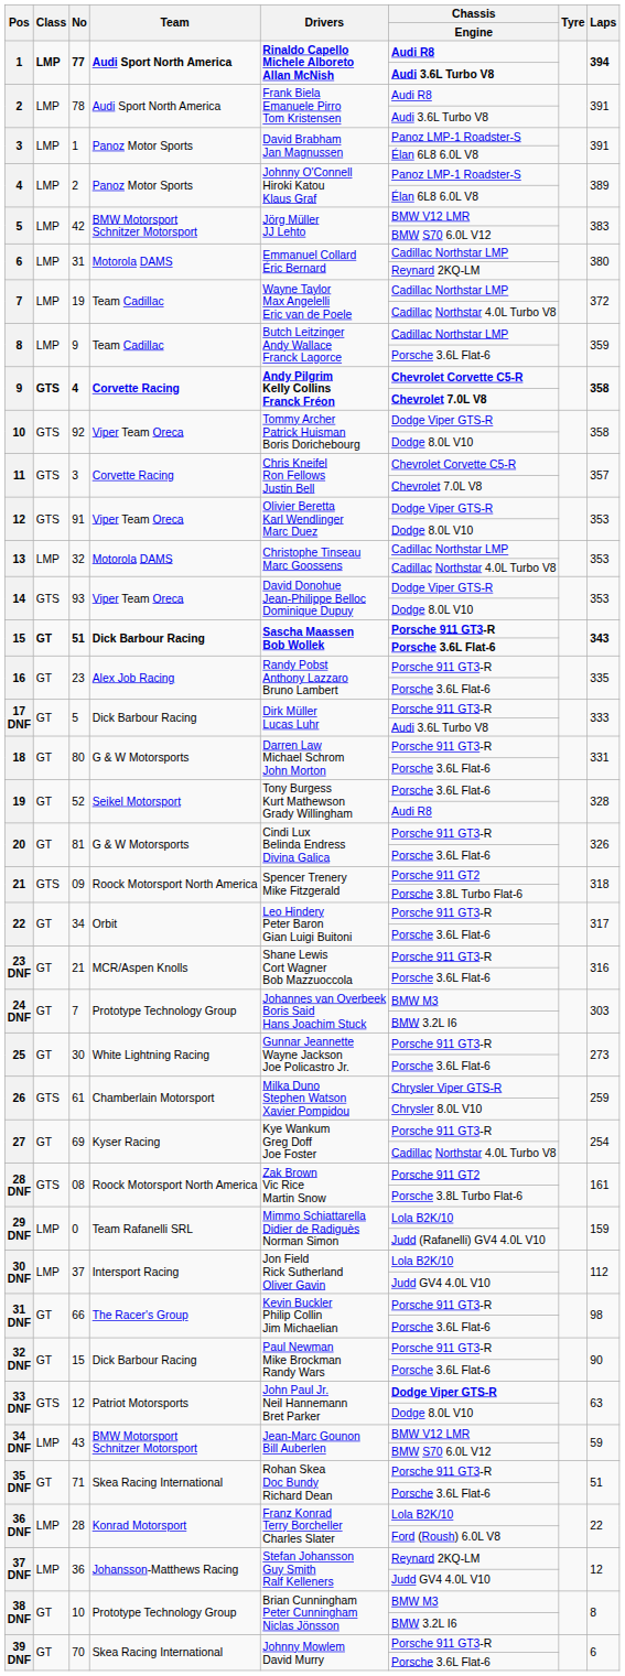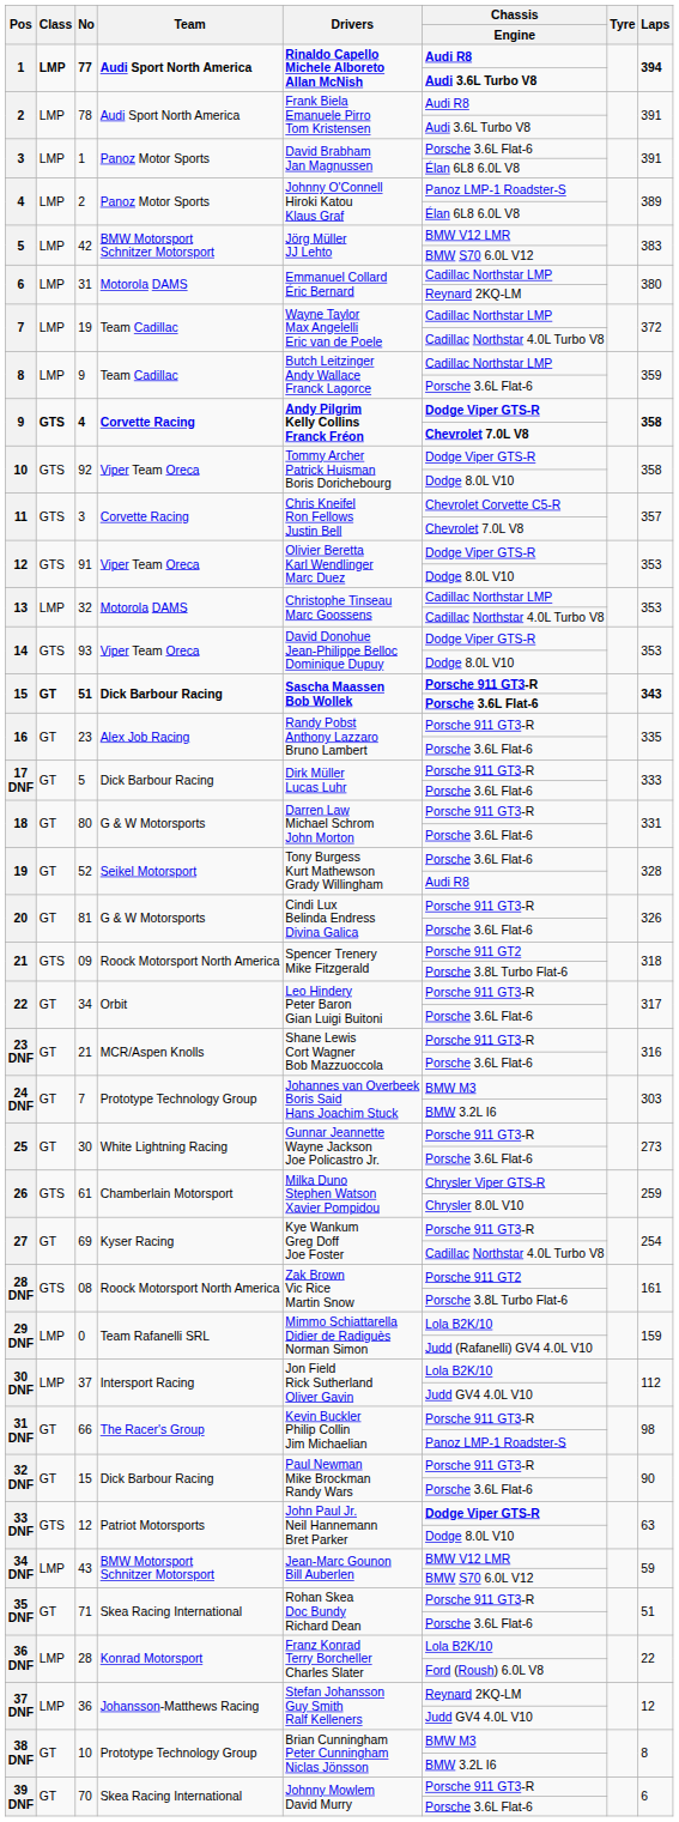 <table class="wikitable" style="font-size: 95%;">
 <tr>
 <th rowspan=2>Pos</th>
 <th rowspan=2>Class</th>
 <th rowspan=2>No</th>
 <th rowspan=2>Team</th>
 <th rowspan=2>Drivers</th>
 <th>Chassis</th>
 <th rowspan=2>Tyre</th>
 <th rowspan=2>Laps</th>
 </tr>
 <tr>
 <th>Engine</th>
 </tr>
 <tr style="font-weight:bold">
 <th rowspan=2>1</th>
 <td rowspan=2>LMP</td>
 <td rowspan=2>77</td>
 <td rowspan=2> <a href='#'>Audi</a> Sport North America</td>
 <td rowspan=2> <a href='#'>Rinaldo Capello</a><br> <a href='#'>Michele Alboreto</a><br> <a href='#'>Allan McNish</a></td>
 <td><a href='#'>Audi R8</a></td>
 <td rowspan=2></td>
 <td rowspan=2>394</td>
 </tr>
 <tr style="font-weight:bold">
 <td><a href='#'>Audi</a> 3.6L Turbo V8</td>
 </tr>
 <tr>
 <th rowspan=2>2</th>
 <td rowspan=2>LMP</td>
 <td rowspan=2>78</td>
 <td rowspan=2> <a href='#'>Audi</a> Sport North America</td>
 <td rowspan=2> <a href='#'>Frank Biela</a><br> <a href='#'>Emanuele Pirro</a><br> <a href='#'>Tom Kristensen</a></td>
 <td><a href='#'>Audi R8</a></td>
 <td rowspan=2></td>
 <td rowspan=2>391</td>
 </tr>
 <tr>
 <td><a href='#'>Audi</a> 3.6L Turbo V8</td>
 </tr>
 <tr>
 <th rowspan=2>3</th>
 <td rowspan=2>LMP</td>
 <td rowspan=2>1</td>
 <td rowspan=2> <a href='#'>Panoz</a> Motor Sports</td>
 <td rowspan=2> <a href='#'>David Brabham</a><br> <a href='#'>Jan Magnussen</a></td>
-<td><a href='#'>Panoz LMP-1 Roadster-S</a></td>
+<td><a href='#'>Porsche</a> 3.6L Flat-6</td>
 <td rowspan=2></td>
 <td rowspan=2>391</td>
 </tr>
 <tr>
 <td><a href='#'>Élan</a> 6L8 6.0L V8</td>
 </tr>
 <tr>
 <th rowspan=2>4</th>
 <td rowspan=2>LMP</td>
 <td rowspan=2>2</td>
 <td rowspan=2> <a href='#'>Panoz</a> Motor Sports</td>
 <td rowspan=2> <a href='#'>Johnny O'Connell</a><br> Hiroki Katou<br> <a href='#'>Klaus Graf</a></td>
 <td><a href='#'>Panoz LMP-1 Roadster-S</a></td>
 <td rowspan=2></td>
 <td rowspan=2>389</td>
 </tr>
 <tr>
 <td><a href='#'>Élan</a> 6L8 6.0L V8</td>
 </tr>
 <tr>
 <th rowspan=2>5</th>
 <td rowspan=2>LMP</td>
 <td rowspan=2>42</td>
 <td rowspan=2> <a href='#'>BMW Motorsport</a><br> <a href='#'>Schnitzer Motorsport</a></td>
 <td rowspan=2> <a href='#'>Jörg Müller</a><br> <a href='#'>JJ Lehto</a></td>
 <td><a href='#'>BMW V12 LMR</a></td>
 <td rowspan=2></td>
 <td rowspan=2>383</td>
 </tr>
 <tr>
 <td><a href='#'>BMW</a> <a href='#'>S70</a> 6.0L V12</td>
 </tr>
 <tr>
 <th rowspan=2>6</th>
 <td rowspan=2>LMP</td>
 <td rowspan=2>31</td>
 <td rowspan=2> <a href='#'>Motorola</a> <a href='#'>DAMS</a></td>
 <td rowspan=2> <a href='#'>Emmanuel Collard</a><br> <a href='#'>Éric Bernard</a></td>
 <td><a href='#'>Cadillac Northstar LMP</a></td>
 <td rowspan=2></td>
 <td rowspan=2>380</td>
 </tr>
 <tr>
 <td><a href='#'>Reynard</a> 2KQ-LM</td>
 </tr>
 <tr>
 <th rowspan=2>7</th>
 <td rowspan=2>LMP</td>
 <td rowspan=2>19</td>
 <td rowspan=2> Team <a href='#'>Cadillac</a></td>
 <td rowspan=2> <a href='#'>Wayne Taylor</a><br> <a href='#'>Max Angelelli</a><br> <a href='#'>Eric van de Poele</a></td>
 <td><a href='#'>Cadillac Northstar LMP</a></td>
 <td rowspan=2></td>
 <td rowspan=2>372</td>
 </tr>
 <tr>
 <td><a href='#'>Cadillac</a> <a href='#'>Northstar</a> 4.0L Turbo V8</td>
 </tr>
 <tr>
 <th rowspan=2>8</th>
 <td rowspan=2>LMP</td>
 <td rowspan=2>9</td>
 <td rowspan=2> Team <a href='#'>Cadillac</a></td>
 <td rowspan=2> <a href='#'>Butch Leitzinger</a><br> <a href='#'>Andy Wallace</a><br> <a href='#'>Franck Lagorce</a></td>
 <td><a href='#'>Cadillac Northstar LMP</a></td>
 <td rowspan=2></td>
 <td rowspan=2>359</td>
 </tr>
 <tr>
 <td><a href='#'>Porsche</a> 3.6L Flat-6</td>
 </tr>
 <tr style="font-weight:bold">
 <th rowspan=2>9</th>
 <td rowspan=2>GTS</td>
 <td rowspan=2>4</td>
 <td rowspan=2> <a href='#'>Corvette Racing</a></td>
 <td rowspan=2> <a href='#'>Andy Pilgrim</a><br> Kelly Collins<br> <a href='#'>Franck Fréon</a></td>
-<td><a href='#'>Chevrolet Corvette C5-R</a></td>
+<td><a href='#'>Dodge Viper GTS-R</a></td>
 <td rowspan=2></td>
 <td rowspan=2>358</td>
 </tr>
 <tr style="font-weight:bold">
 <td><a href='#'>Chevrolet</a> 7.0L V8</td>
 </tr>
 <tr>
 <th rowspan=2>10</th>
 <td rowspan=2>GTS</td>
 <td rowspan=2>92</td>
 <td rowspan=2> <a href='#'>Viper</a> Team <a href='#'>Oreca</a></td>
 <td rowspan=2> <a href='#'>Tommy Archer</a><br> <a href='#'>Patrick Huisman</a><br> Boris Dorichebourg</td>
 <td><a href='#'>Dodge Viper GTS-R</a></td>
 <td rowspan=2></td>
 <td rowspan=2>358</td>
 </tr>
 <tr>
 <td><a href='#'>Dodge</a> 8.0L V10</td>
 </tr>
 <tr>
 <th rowspan=2>11</th>
 <td rowspan=2>GTS</td>
 <td rowspan=2>3</td>
 <td rowspan=2> <a href='#'>Corvette Racing</a></td>
 <td rowspan=2> <a href='#'>Chris Kneifel</a><br> <a href='#'>Ron Fellows</a><br> <a href='#'>Justin Bell</a></td>
 <td><a href='#'>Chevrolet Corvette C5-R</a></td>
 <td rowspan=2></td>
 <td rowspan=2>357</td>
 </tr>
 <tr>
 <td><a href='#'>Chevrolet</a> 7.0L V8</td>
 </tr>
 <tr>
 <th rowspan=2>12</th>
 <td rowspan=2>GTS</td>
 <td rowspan=2>91</td>
 <td rowspan=2> <a href='#'>Viper</a> Team <a href='#'>Oreca</a></td>
 <td rowspan=2> <a href='#'>Olivier Beretta</a><br> <a href='#'>Karl Wendlinger</a><br> <a href='#'>Marc Duez</a></td>
 <td><a href='#'>Dodge Viper GTS-R</a></td>
 <td rowspan=2></td>
 <td rowspan=2>353</td>
 </tr>
 <tr>
 <td><a href='#'>Dodge</a> 8.0L V10</td>
 </tr>
 <tr>
 <th rowspan=2>13</th>
 <td rowspan=2>LMP</td>
 <td rowspan=2>32</td>
 <td rowspan=2> <a href='#'>Motorola</a> <a href='#'>DAMS</a></td>
 <td rowspan=2> <a href='#'>Christophe Tinseau</a><br> <a href='#'>Marc Goossens</a></td>
 <td><a href='#'>Cadillac Northstar LMP</a></td>
 <td rowspan=2></td>
 <td rowspan=2>353</td>
 </tr>
 <tr>
 <td><a href='#'>Cadillac</a> <a href='#'>Northstar</a> 4.0L Turbo V8</td>
 </tr>
 <tr>
 <th rowspan=2>14</th>
 <td rowspan=2>GTS</td>
 <td rowspan=2>93</td>
 <td rowspan=2> <a href='#'>Viper</a> Team <a href='#'>Oreca</a></td>
 <td rowspan=2> <a href='#'>David Donohue</a><br> <a href='#'>Jean-Philippe Belloc</a><br> <a href='#'>Dominique Dupuy</a></td>
 <td><a href='#'>Dodge Viper GTS-R</a></td>
 <td rowspan=2></td>
 <td rowspan=2>353</td>
 </tr>
 <tr>
 <td><a href='#'>Dodge</a> 8.0L V10</td>
 </tr>
 <tr style="font-weight:bold">
 <th rowspan=2>15</th>
 <td rowspan=2>GT</td>
 <td rowspan=2>51</td>
 <td rowspan=2> Dick Barbour Racing</td>
 <td rowspan=2> <a href='#'>Sascha Maassen</a><br> <a href='#'>Bob Wollek</a></td>
 <td><a href='#'>Porsche 911 GT3</a>-R</td>
 <td rowspan=2></td>
 <td rowspan=2>343</td>
 </tr>
 <tr style="font-weight:bold">
 <td><a href='#'>Porsche</a> 3.6L Flat-6</td>
 </tr>
 <tr>
 <th rowspan=2>16</th>
 <td rowspan=2>GT</td>
 <td rowspan=2>23</td>
 <td rowspan=2> <a href='#'>Alex Job Racing</a></td>
 <td rowspan=2> <a href='#'>Randy Pobst</a><br> <a href='#'>Anthony Lazzaro</a><br> Bruno Lambert</td>
 <td><a href='#'>Porsche 911 GT3</a>-R</td>
 <td rowspan=2></td>
 <td rowspan=2>335</td>
 </tr>
 <tr>
 <td><a href='#'>Porsche</a> 3.6L Flat-6</td>
 </tr>
 <tr>
 <th rowspan=2>17<br>DNF</th>
 <td rowspan=2>GT</td>
 <td rowspan=2>5</td>
 <td rowspan=2> Dick Barbour Racing</td>
 <td rowspan=2> <a href='#'>Dirk Müller</a><br> <a href='#'>Lucas Luhr</a></td>
 <td><a href='#'>Porsche 911 GT3</a>-R</td>
 <td rowspan=2></td>
 <td rowspan=2>333</td>
 </tr>
 <tr>
-<td><a href='#'>Audi</a> 3.6L Turbo V8</td>
+<td><a href='#'>Porsche</a> 3.6L Flat-6</td>
 </tr>
 <tr>
 <th rowspan=2>18</th>
 <td rowspan=2>GT</td>
 <td rowspan=2>80</td>
 <td rowspan=2> G & W Motorsports</td>
 <td rowspan=2> <a href='#'>Darren Law</a><br> Michael Schrom<br> <a href='#'>John Morton</a></td>
 <td><a href='#'>Porsche 911 GT3</a>-R</td>
 <td rowspan=2></td>
 <td rowspan=2>331</td>
 </tr>
 <tr>
 <td><a href='#'>Porsche</a> 3.6L Flat-6</td>
 </tr>
 <tr>
 <th rowspan=2>19</th>
 <td rowspan=2>GT</td>
 <td rowspan=2>52</td>
 <td rowspan=2> <a href='#'>Seikel Motorsport</a></td>
 <td rowspan=2> Tony Burgess<br> Kurt Mathewson<br> Grady Willingham</td>
 <td><a href='#'>Porsche</a> 3.6L Flat-6</td>
 <td rowspan=2></td>
 <td rowspan=2>328</td>
 </tr>
 <tr>
 <td><a href='#'>Audi R8</a></td>
 </tr>
 <tr>
 <th rowspan=2>20</th>
 <td rowspan=2>GT</td>
 <td rowspan=2>81</td>
 <td rowspan=2> G & W Motorsports</td>
 <td rowspan=2> Cindi Lux<br> Belinda Endress<br> <a href='#'>Divina Galica</a></td>
 <td><a href='#'>Porsche 911 GT3</a>-R</td>
 <td rowspan=2></td>
 <td rowspan=2>326</td>
 </tr>
 <tr>
 <td><a href='#'>Porsche</a> 3.6L Flat-6</td>
 </tr>
 <tr>
 <th rowspan=2>21</th>
 <td rowspan=2>GTS</td>
 <td rowspan=2>09</td>
 <td rowspan=2> Roock Motorsport North America</td>
 <td rowspan=2> Spencer Trenery<br> Mike Fitzgerald</td>
 <td><a href='#'>Porsche 911 GT2</a></td>
 <td rowspan=2></td>
 <td rowspan=2>318</td>
 </tr>
 <tr>
 <td><a href='#'>Porsche</a> 3.8L Turbo Flat-6</td>
 </tr>
 <tr>
 <th rowspan=2>22</th>
 <td rowspan=2>GT</td>
 <td rowspan=2>34</td>
 <td rowspan=2> Orbit</td>
 <td rowspan=2> <a href='#'>Leo Hindery</a><br> Peter Baron<br> Gian Luigi Buitoni</td>
 <td><a href='#'>Porsche 911 GT3</a>-R</td>
 <td rowspan=2></td>
 <td rowspan=2>317</td>
 </tr>
 <tr>
 <td><a href='#'>Porsche</a> 3.6L Flat-6</td>
 </tr>
 <tr>
 <th rowspan=2>23<br>DNF</th>
 <td rowspan=2>GT</td>
 <td rowspan=2>21</td>
 <td rowspan=2> MCR/Aspen Knolls</td>
 <td rowspan=2> Shane Lewis<br> Cort Wagner<br> Bob Mazzuoccola</td>
 <td><a href='#'>Porsche 911 GT3</a>-R</td>
 <td rowspan=2></td>
 <td rowspan=2>316</td>
 </tr>
 <tr>
 <td><a href='#'>Porsche</a> 3.6L Flat-6</td>
 </tr>
 <tr>
 <th rowspan=2>24<br>DNF</th>
 <td rowspan=2>GT</td>
 <td rowspan=2>7</td>
 <td rowspan=2> Prototype Technology Group</td>
 <td rowspan=2> <a href='#'>Johannes van Overbeek</a><br> <a href='#'>Boris Said</a><br> <a href='#'>Hans Joachim Stuck</a></td>
 <td><a href='#'>BMW M3</a></td>
 <td rowspan=2></td>
 <td rowspan=2>303</td>
 </tr>
 <tr>
 <td><a href='#'>BMW</a> 3.2L I6</td>
 </tr>
 <tr>
 <th rowspan=2>25</th>
 <td rowspan=2>GT</td>
 <td rowspan=2>30</td>
 <td rowspan=2> White Lightning Racing</td>
 <td rowspan=2> <a href='#'>Gunnar Jeannette</a><br> Wayne Jackson<br> Joe Policastro Jr.</td>
 <td><a href='#'>Porsche 911 GT3</a>-R</td>
 <td rowspan=2></td>
 <td rowspan=2>273</td>
 </tr>
 <tr>
 <td><a href='#'>Porsche</a> 3.6L Flat-6</td>
 </tr>
 <tr>
 <th rowspan=2>26</th>
 <td rowspan=2>GTS</td>
 <td rowspan=2>61</td>
 <td rowspan=2> Chamberlain Motorsport</td>
 <td rowspan=2> <a href='#'>Milka Duno</a><br> <a href='#'>Stephen Watson</a><br> <a href='#'>Xavier Pompidou</a></td>
 <td><a href='#'>Chrysler Viper GTS-R</a></td>
 <td rowspan=2></td>
 <td rowspan=2>259</td>
 </tr>
 <tr>
 <td><a href='#'>Chrysler</a> 8.0L V10</td>
 </tr>
 <tr>
 <th rowspan=2>27</th>
 <td rowspan=2>GT</td>
 <td rowspan=2>69</td>
 <td rowspan=2> Kyser Racing</td>
 <td rowspan=2> Kye Wankum<br> Greg Doff<br> Joe Foster</td>
 <td><a href='#'>Porsche 911 GT3</a>-R</td>
 <td rowspan=2></td>
 <td rowspan=2>254</td>
 </tr>
 <tr>
 <td><a href='#'>Cadillac</a> <a href='#'>Northstar</a> 4.0L Turbo V8</td>
 </tr>
 <tr>
 <th rowspan=2>28<br>DNF</th>
 <td rowspan=2>GTS</td>
 <td rowspan=2>08</td>
 <td rowspan=2> Roock Motorsport North America</td>
 <td rowspan=2> <a href='#'>Zak Brown</a><br> Vic Rice<br> Martin Snow</td>
 <td><a href='#'>Porsche 911 GT2</a></td>
 <td rowspan=2></td>
 <td rowspan=2>161</td>
 </tr>
 <tr>
 <td><a href='#'>Porsche</a> 3.8L Turbo Flat-6</td>
 </tr>
 <tr>
 <th rowspan=2>29<br>DNF</th>
 <td rowspan=2>LMP</td>
 <td rowspan=2>0</td>
 <td rowspan=2> Team Rafanelli SRL</td>
 <td rowspan=2> <a href='#'>Mimmo Schiattarella</a><br> <a href='#'>Didier de Radiguès</a><br> Norman Simon</td>
 <td><a href='#'>Lola B2K/10</a></td>
 <td rowspan=2></td>
 <td rowspan=2>159</td>
 </tr>
 <tr>
 <td><a href='#'>Judd</a> (Rafanelli) GV4 4.0L V10</td>
 </tr>
 <tr>
 <th rowspan=2>30<br>DNF</th>
 <td rowspan=2>LMP</td>
 <td rowspan=2>37</td>
 <td rowspan=2> Intersport Racing</td>
 <td rowspan=2> Jon Field<br> Rick Sutherland<br> <a href='#'>Oliver Gavin</a></td>
 <td><a href='#'>Lola B2K/10</a></td>
 <td rowspan=2></td>
 <td rowspan=2>112</td>
 </tr>
 <tr>
 <td><a href='#'>Judd</a> GV4 4.0L V10</td>
 </tr>
 <tr>
 <th rowspan=2>31<br>DNF</th>
 <td rowspan=2>GT</td>
 <td rowspan=2>66</td>
 <td rowspan=2> <a href='#'>The Racer's Group</a></td>
 <td rowspan=2> <a href='#'>Kevin Buckler</a><br> Philip Collin<br> Jim Michaelian</td>
 <td><a href='#'>Porsche 911 GT3</a>-R</td>
 <td rowspan=2></td>
 <td rowspan=2>98</td>
 </tr>
 <tr>
-<td><a href='#'>Porsche</a> 3.6L Flat-6</td>
+<td><a href='#'>Panoz LMP-1 Roadster-S</a></td>
 </tr>
 <tr>
 <th rowspan=2>32<br>DNF</th>
 <td rowspan=2>GT</td>
 <td rowspan=2>15</td>
 <td rowspan=2> Dick Barbour Racing</td>
 <td rowspan=2> <a href='#'>Paul Newman</a><br> Mike Brockman<br> Randy Wars</td>
 <td><a href='#'>Porsche 911 GT3</a>-R</td>
 <td rowspan=2></td>
 <td rowspan=2>90</td>
 </tr>
 <tr>
 <td><a href='#'>Porsche</a> 3.6L Flat-6</td>
 </tr>
 <tr>
 <th rowspan=2>33<br>DNF</th>
 <td rowspan=2>GTS</td>
 <td rowspan=2>12</td>
 <td rowspan=2> Patriot Motorsports</td>
 <td rowspan=2> <a href='#'>John Paul Jr.</a><br> Neil Hannemann<br> Bret Parker</td>
 <td><strong><a href='#'>Dodge Viper GTS-R</a></strong></td>
 <td rowspan=2></td>
 <td rowspan=2>63</td>
 </tr>
 <tr>
 <td><a href='#'>Dodge</a> 8.0L V10</td>
 </tr>
 <tr>
 <th rowspan=2>34<br>DNF</th>
 <td rowspan=2>LMP</td>
 <td rowspan=2>43</td>
 <td rowspan=2> <a href='#'>BMW Motorsport</a><br> <a href='#'>Schnitzer Motorsport</a></td>
 <td rowspan=2> <a href='#'>Jean-Marc Gounon</a><br> <a href='#'>Bill Auberlen</a></td>
 <td><a href='#'>BMW V12 LMR</a></td>
 <td rowspan=2></td>
 <td rowspan=2>59</td>
 </tr>
 <tr>
 <td><a href='#'>BMW</a> <a href='#'>S70</a> 6.0L V12</td>
 </tr>
 <tr>
 <th rowspan=2>35<br>DNF</th>
 <td rowspan=2>GT</td>
 <td rowspan=2>71</td>
 <td rowspan=2> Skea Racing International</td>
 <td rowspan=2> Rohan Skea<br> <a href='#'>Doc Bundy</a><br> Richard Dean</td>
 <td><a href='#'>Porsche 911 GT3</a>-R</td>
 <td rowspan=2></td>
 <td rowspan=2>51</td>
 </tr>
 <tr>
 <td><a href='#'>Porsche</a> 3.6L Flat-6</td>
 </tr>
 <tr>
 <th rowspan=2>36<br>DNF</th>
 <td rowspan=2>LMP</td>
 <td rowspan=2>28</td>
 <td rowspan=2> <a href='#'>Konrad Motorsport</a></td>
 <td rowspan=2> <a href='#'>Franz Konrad</a><br> <a href='#'>Terry Borcheller</a><br> Charles Slater</td>
 <td><a href='#'>Lola B2K/10</a></td>
 <td rowspan=2></td>
 <td rowspan=2>22</td>
 </tr>
 <tr>
 <td><a href='#'>Ford</a> (<a href='#'>Roush</a>) 6.0L V8</td>
 </tr>
 <tr>
 <th rowspan=2>37<br>DNF</th>
 <td rowspan=2>LMP</td>
 <td rowspan=2>36</td>
 <td rowspan=2> <a href='#'>Johansson</a>-Matthews Racing</td>
 <td rowspan=2> <a href='#'>Stefan Johansson</a><br> <a href='#'>Guy Smith</a><br> <a href='#'>Ralf Kelleners</a></td>
 <td><a href='#'>Reynard</a> 2KQ-LM</td>
 <td rowspan=2></td>
 <td rowspan=2>12</td>
 </tr>
 <tr>
 <td><a href='#'>Judd</a> GV4 4.0L V10</td>
 </tr>
 <tr>
 <th rowspan=2>38<br>DNF</th>
 <td rowspan=2>GT</td>
 <td rowspan=2>10</td>
 <td rowspan=2> Prototype Technology Group</td>
 <td rowspan=2> Brian Cunningham<br> <a href='#'>Peter Cunningham</a><br> <a href='#'>Niclas Jönsson</a></td>
 <td><a href='#'>BMW M3</a></td>
 <td rowspan=2></td>
 <td rowspan=2>8</td>
 </tr>
 <tr>
 <td><a href='#'>BMW</a> 3.2L I6</td>
 </tr>
 <tr>
 <th rowspan=2>39<br>DNF</th>
 <td rowspan=2>GT</td>
 <td rowspan=2>70</td>
 <td rowspan=2> Skea Racing International</td>
 <td rowspan=2> <a href='#'>Johnny Mowlem</a><br> David Murry</td>
 <td><a href='#'>Porsche 911 GT3</a>-R</td>
 <td rowspan=2></td>
 <td rowspan=2>6</td>
 </tr>
 <tr>
 <td><a href='#'>Porsche</a> 3.6L Flat-6</td>
 </tr>
 </table>
